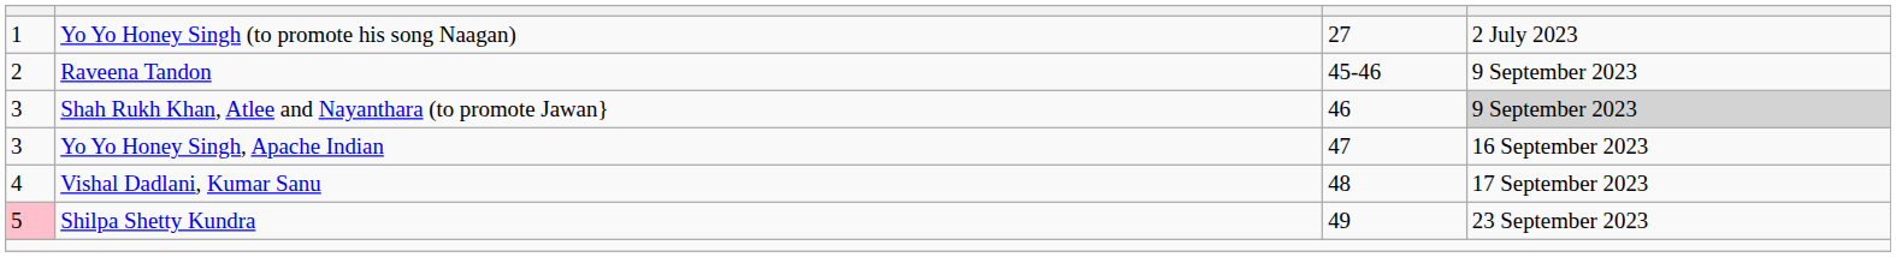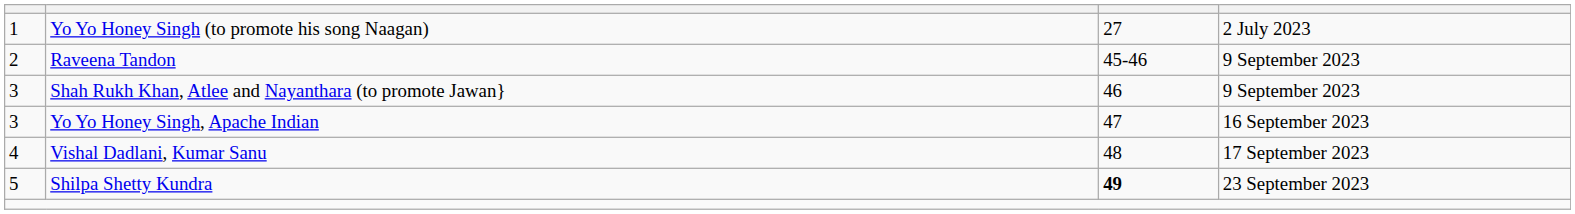 <table class="wikitable" style="font-size:95%; width:100%;">
 <tr>
 <th></th>
 <th></th>
 <th></th>
 <th></th>
 </tr>
 <tr>
 <td>1</td>
 <td><a href='#'>Yo Yo Honey Singh</a> (to promote his song Naagan)</td>
 <td>27</td>
 <td>2 July 2023</td>
 </tr>
 <tr>
 <td>2</td>
 <td><a href='#'>Raveena Tandon</a></td>
 <td>45-46</td>
 <td>9 September 2023</td>
 </tr>
 <tr>
 <td>3</td>
 <td><a href='#'>Shah Rukh Khan</a>, <a href='#'>Atlee</a> and <a href='#'>Nayanthara</a> (to promote Jawan}</td>
 <td>46</td>
-<td style="background: lightgrey;">9 September 2023</td>
+<td>9 September 2023</td>
 </tr>
 <tr>
 <td>3</td>
 <td><a href='#'>Yo Yo Honey Singh</a>, <a href='#'>Apache Indian</a></td>
 <td>47</td>
 <td>16 September 2023</td>
 </tr>
 <tr>
 <td>4</td>
 <td><a href='#'>Vishal Dadlani</a>, <a href='#'>Kumar Sanu</a></td>
 <td>48</td>
 <td>17 September 2023</td>
 </tr>
 <tr>
-<td style="background: pink;">5</td>
+<td>5</td>
 <td><a href='#'>Shilpa Shetty Kundra</a></td>
-<td>49</td>
+<td><strong>49</strong></td>
 <td>23 September 2023</td>
 </tr>
 <tr>
 <td colspan="4"></td>
 </tr>
 </table>
